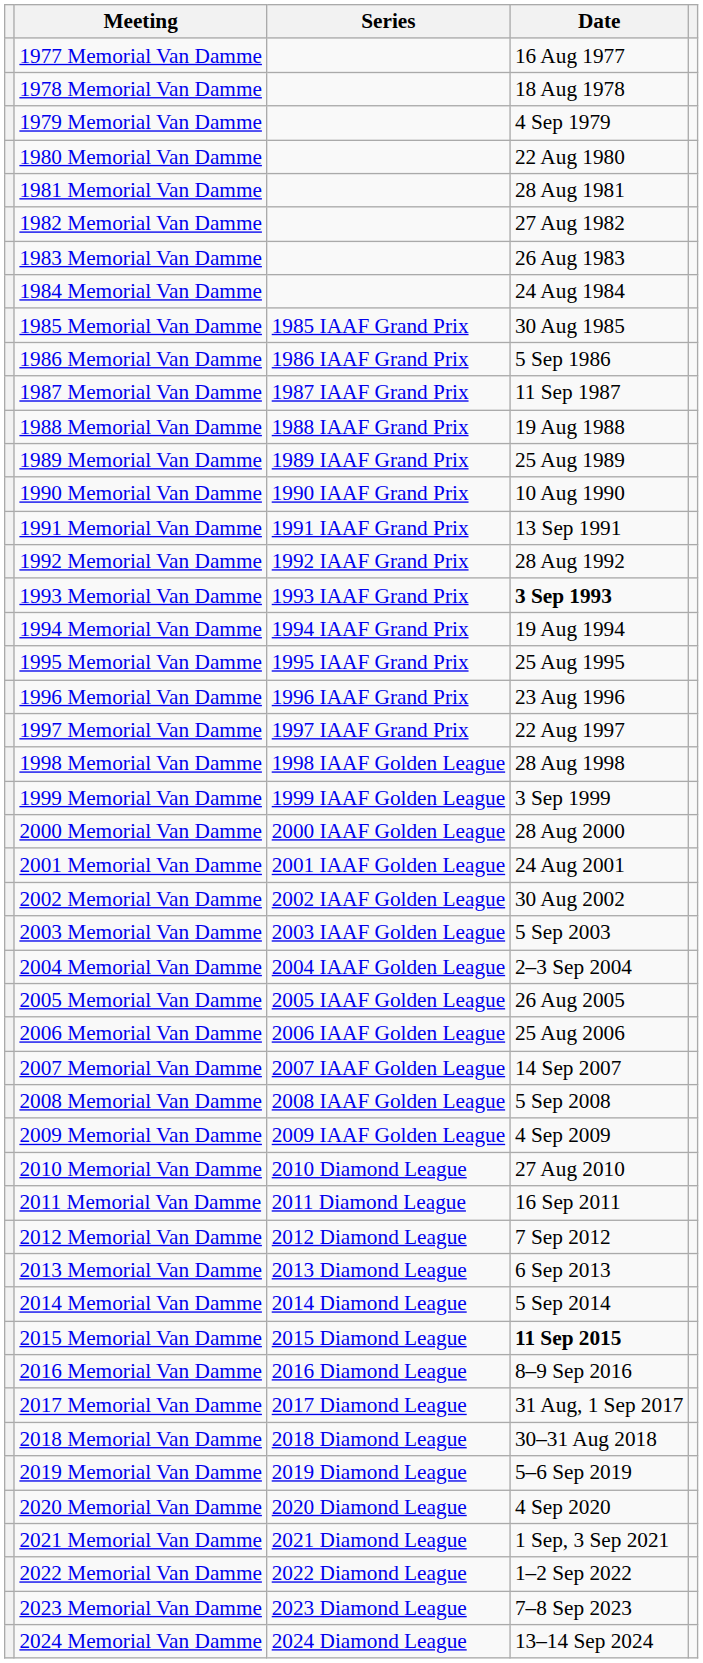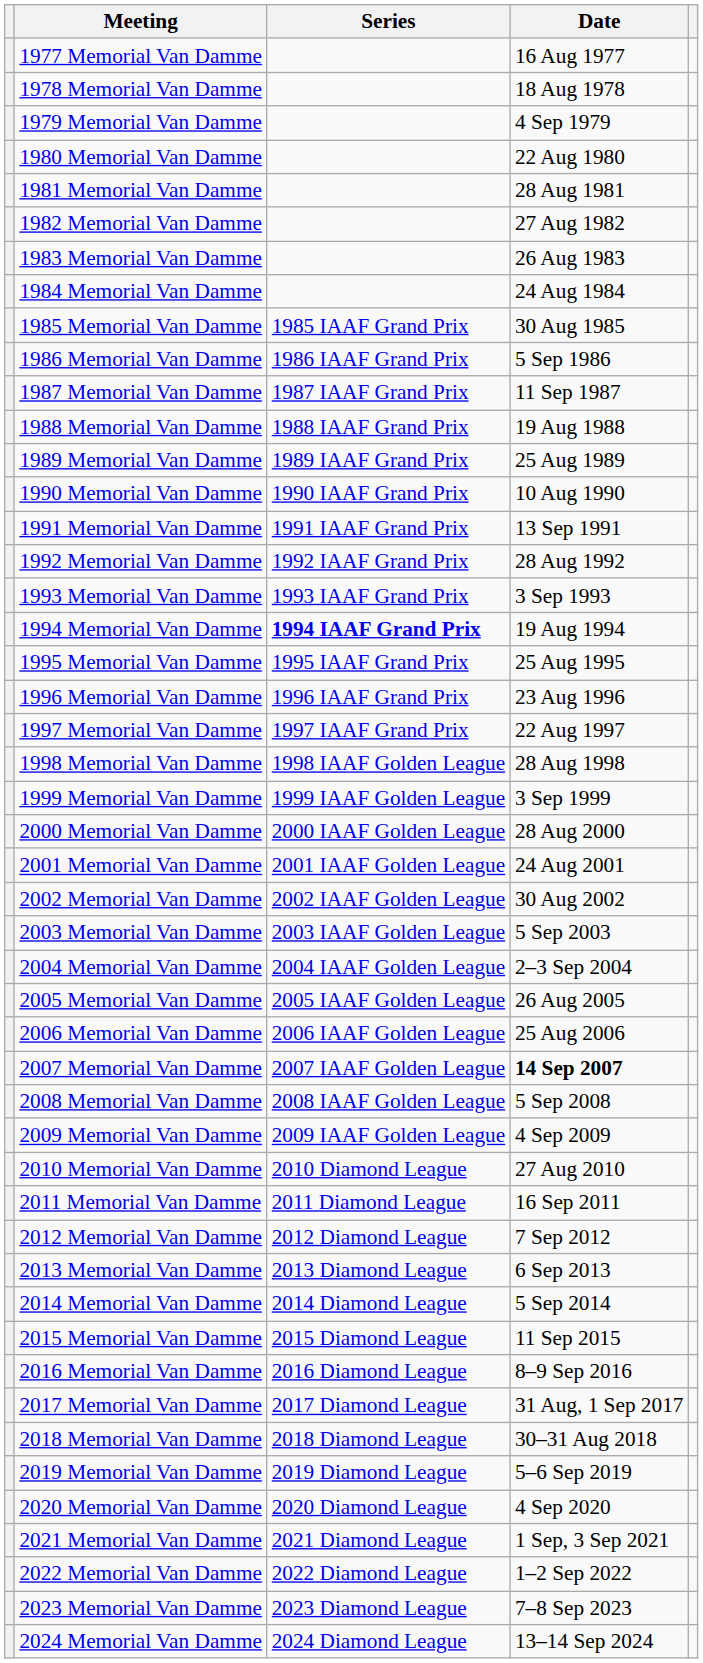 <table class="wikitable plainrowheaders sticky-header defaultleft col4right">
 <tr>
 <th scope="col"></th>
 <th scope="col">Meeting</th>
 <th scope="col">Series</th>
 <th scope="col">Date</th>
 <th scope="col"></th>
 </tr>
 <tr>
 <th scope="row"></th>
 <td><a href='#'>1977 Memorial Van Damme</a></td>
 <td></td>
 <td>16 Aug 1977</td>
 <td></td>
 </tr>
 <tr>
 <th scope="row"></th>
 <td><a href='#'>1978 Memorial Van Damme</a></td>
 <td></td>
 <td>18 Aug 1978</td>
 <td></td>
 </tr>
 <tr>
 <th scope="row"></th>
 <td><a href='#'>1979 Memorial Van Damme</a></td>
 <td></td>
 <td>4 Sep 1979</td>
 <td></td>
 </tr>
 <tr>
 <th scope="row"></th>
 <td><a href='#'>1980 Memorial Van Damme</a></td>
 <td></td>
 <td>22 Aug 1980</td>
 <td></td>
 </tr>
 <tr>
 <th scope="row"></th>
 <td><a href='#'>1981 Memorial Van Damme</a></td>
 <td></td>
 <td>28 Aug 1981</td>
 <td></td>
 </tr>
 <tr>
 <th scope="row"></th>
 <td><a href='#'>1982 Memorial Van Damme</a></td>
 <td></td>
 <td>27 Aug 1982</td>
 <td></td>
 </tr>
 <tr>
 <th scope="row"></th>
 <td><a href='#'>1983 Memorial Van Damme</a></td>
 <td></td>
 <td>26 Aug 1983</td>
 <td></td>
 </tr>
 <tr>
 <th scope="row"></th>
 <td><a href='#'>1984 Memorial Van Damme</a></td>
 <td></td>
 <td>24 Aug 1984</td>
 <td></td>
 </tr>
 <tr>
 <th scope="row"></th>
 <td><a href='#'>1985 Memorial Van Damme</a></td>
 <td><a href='#'>1985 IAAF Grand Prix</a></td>
 <td>30 Aug 1985</td>
 <td></td>
 </tr>
 <tr>
 <th scope="row"></th>
 <td><a href='#'>1986 Memorial Van Damme</a></td>
 <td><a href='#'>1986 IAAF Grand Prix</a></td>
 <td>5 Sep 1986</td>
 <td></td>
 </tr>
 <tr>
 <th scope="row"></th>
 <td><a href='#'>1987 Memorial Van Damme</a></td>
 <td><a href='#'>1987 IAAF Grand Prix</a></td>
 <td>11 Sep 1987</td>
 <td></td>
 </tr>
 <tr>
 <th scope="row"></th>
 <td><a href='#'>1988 Memorial Van Damme</a></td>
 <td><a href='#'>1988 IAAF Grand Prix</a></td>
 <td>19 Aug 1988</td>
 <td></td>
 </tr>
 <tr>
 <th scope="row"></th>
 <td><a href='#'>1989 Memorial Van Damme</a></td>
 <td><a href='#'>1989 IAAF Grand Prix</a></td>
 <td>25 Aug 1989</td>
 <td></td>
 </tr>
 <tr>
 <th scope="row"></th>
 <td><a href='#'>1990 Memorial Van Damme</a></td>
 <td><a href='#'>1990 IAAF Grand Prix</a></td>
 <td>10 Aug 1990</td>
 <td></td>
 </tr>
 <tr>
 <th scope="row"></th>
 <td><a href='#'>1991 Memorial Van Damme</a></td>
 <td><a href='#'>1991 IAAF Grand Prix</a></td>
 <td>13 Sep 1991</td>
 <td></td>
 </tr>
 <tr>
 <th scope="row"></th>
 <td><a href='#'>1992 Memorial Van Damme</a></td>
 <td><a href='#'>1992 IAAF Grand Prix</a></td>
 <td>28 Aug 1992</td>
 <td></td>
 </tr>
 <tr>
 <th scope="row"></th>
 <td><a href='#'>1993 Memorial Van Damme</a></td>
 <td><a href='#'>1993 IAAF Grand Prix</a></td>
-<td><strong>3 Sep 1993</strong></td>
+<td>3 Sep 1993</td>
 <td></td>
 </tr>
 <tr>
 <th scope="row"></th>
 <td><a href='#'>1994 Memorial Van Damme</a></td>
-<td><a href='#'>1994 IAAF Grand Prix</a></td>
+<td><strong><a href='#'>1994 IAAF Grand Prix</a></strong></td>
 <td>19 Aug 1994</td>
 <td></td>
 </tr>
 <tr>
 <th scope="row"></th>
 <td><a href='#'>1995 Memorial Van Damme</a></td>
 <td><a href='#'>1995 IAAF Grand Prix</a></td>
 <td>25 Aug 1995</td>
 <td></td>
 </tr>
 <tr>
 <th scope="row"></th>
 <td><a href='#'>1996 Memorial Van Damme</a></td>
 <td><a href='#'>1996 IAAF Grand Prix</a></td>
 <td>23 Aug 1996</td>
 <td></td>
 </tr>
 <tr>
 <th scope="row"></th>
 <td><a href='#'>1997 Memorial Van Damme</a></td>
 <td><a href='#'>1997 IAAF Grand Prix</a></td>
 <td>22 Aug 1997</td>
 <td></td>
 </tr>
 <tr>
 <th scope="row"></th>
 <td><a href='#'>1998 Memorial Van Damme</a></td>
 <td><a href='#'>1998 IAAF Golden League</a></td>
 <td>28 Aug 1998</td>
 <td></td>
 </tr>
 <tr>
 <th scope="row"></th>
 <td><a href='#'>1999 Memorial Van Damme</a></td>
 <td><a href='#'>1999 IAAF Golden League</a></td>
 <td>3 Sep 1999</td>
 <td></td>
 </tr>
 <tr>
 <th scope="row"></th>
 <td><a href='#'>2000 Memorial Van Damme</a></td>
 <td><a href='#'>2000 IAAF Golden League</a></td>
 <td>28 Aug 2000</td>
 <td></td>
 </tr>
 <tr>
 <th scope="row"></th>
 <td><a href='#'>2001 Memorial Van Damme</a></td>
 <td><a href='#'>2001 IAAF Golden League</a></td>
 <td>24 Aug 2001</td>
 <td></td>
 </tr>
 <tr>
 <th scope="row"></th>
 <td><a href='#'>2002 Memorial Van Damme</a></td>
 <td><a href='#'>2002 IAAF Golden League</a></td>
 <td>30 Aug 2002</td>
 <td></td>
 </tr>
 <tr>
 <th scope="row"></th>
 <td><a href='#'>2003 Memorial Van Damme</a></td>
 <td><a href='#'>2003 IAAF Golden League</a></td>
 <td>5 Sep 2003</td>
 <td></td>
 </tr>
 <tr>
 <th scope="row"></th>
 <td><a href='#'>2004 Memorial Van Damme</a></td>
 <td><a href='#'>2004 IAAF Golden League</a></td>
 <td>2–3 Sep 2004</td>
 <td></td>
 </tr>
 <tr>
 <th scope="row"></th>
 <td><a href='#'>2005 Memorial Van Damme</a></td>
 <td><a href='#'>2005 IAAF Golden League</a></td>
 <td>26 Aug 2005</td>
 <td></td>
 </tr>
 <tr>
 <th scope="row"></th>
 <td><a href='#'>2006 Memorial Van Damme</a></td>
 <td><a href='#'>2006 IAAF Golden League</a></td>
 <td>25 Aug 2006</td>
 <td></td>
 </tr>
 <tr>
 <th scope="row"></th>
 <td><a href='#'>2007 Memorial Van Damme</a></td>
 <td><a href='#'>2007 IAAF Golden League</a></td>
-<td>14 Sep 2007</td>
+<td><strong>14 Sep 2007</strong></td>
 <td></td>
 </tr>
 <tr>
 <th scope="row"></th>
 <td><a href='#'>2008 Memorial Van Damme</a></td>
 <td><a href='#'>2008 IAAF Golden League</a></td>
 <td>5 Sep 2008</td>
 <td></td>
 </tr>
 <tr>
 <th scope="row"></th>
 <td><a href='#'>2009 Memorial Van Damme</a></td>
 <td><a href='#'>2009 IAAF Golden League</a></td>
 <td>4 Sep 2009</td>
 <td></td>
 </tr>
 <tr>
 <th scope="row"></th>
 <td><a href='#'>2010 Memorial Van Damme</a></td>
 <td><a href='#'>2010 Diamond League</a></td>
 <td>27 Aug 2010</td>
 <td></td>
 </tr>
 <tr>
 <th scope="row"></th>
 <td><a href='#'>2011 Memorial Van Damme</a></td>
 <td><a href='#'>2011 Diamond League</a></td>
 <td>16 Sep 2011</td>
 <td></td>
 </tr>
 <tr>
 <th scope="row"></th>
 <td><a href='#'>2012 Memorial Van Damme</a></td>
 <td><a href='#'>2012 Diamond League</a></td>
 <td>7 Sep 2012</td>
 <td></td>
 </tr>
 <tr>
 <th scope="row"></th>
 <td><a href='#'>2013 Memorial Van Damme</a></td>
 <td><a href='#'>2013 Diamond League</a></td>
 <td>6 Sep 2013</td>
 <td></td>
 </tr>
 <tr>
 <th scope="row"></th>
 <td><a href='#'>2014 Memorial Van Damme</a></td>
 <td><a href='#'>2014 Diamond League</a></td>
 <td>5 Sep 2014</td>
 <td></td>
 </tr>
 <tr>
 <th scope="row"></th>
 <td><a href='#'>2015 Memorial Van Damme</a></td>
 <td><a href='#'>2015 Diamond League</a></td>
-<td><strong>11 Sep 2015</strong></td>
+<td>11 Sep 2015</td>
 <td></td>
 </tr>
 <tr>
 <th scope="row"></th>
 <td><a href='#'>2016 Memorial Van Damme</a></td>
 <td><a href='#'>2016 Diamond League</a></td>
 <td>8–9 Sep 2016</td>
 <td></td>
 </tr>
 <tr>
 <th scope="row"></th>
 <td><a href='#'>2017 Memorial Van Damme</a></td>
 <td><a href='#'>2017 Diamond League</a></td>
 <td>31 Aug, 1 Sep 2017</td>
 <td></td>
 </tr>
 <tr>
 <th scope="row"></th>
 <td><a href='#'>2018 Memorial Van Damme</a></td>
 <td><a href='#'>2018 Diamond League</a></td>
 <td>30–31 Aug 2018</td>
 <td></td>
 </tr>
 <tr>
 <th scope="row"></th>
 <td><a href='#'>2019 Memorial Van Damme</a></td>
 <td><a href='#'>2019 Diamond League</a></td>
 <td>5–6 Sep 2019</td>
 <td></td>
 </tr>
 <tr>
 <th scope="row"></th>
 <td><a href='#'>2020 Memorial Van Damme</a></td>
 <td><a href='#'>2020 Diamond League</a></td>
 <td>4 Sep 2020</td>
 <td></td>
 </tr>
 <tr>
 <th scope="row"></th>
 <td><a href='#'>2021 Memorial Van Damme</a></td>
 <td><a href='#'>2021 Diamond League</a></td>
 <td>1 Sep, 3 Sep 2021</td>
 <td></td>
 </tr>
 <tr>
 <th scope="row"></th>
 <td><a href='#'>2022 Memorial Van Damme</a></td>
 <td><a href='#'>2022 Diamond League</a></td>
 <td>1–2 Sep 2022</td>
 <td></td>
 </tr>
 <tr>
 <th scope="row"></th>
 <td><a href='#'>2023 Memorial Van Damme</a></td>
 <td><a href='#'>2023 Diamond League</a></td>
 <td>7–8 Sep 2023</td>
 <td></td>
 </tr>
 <tr>
 <th scope="row"></th>
 <td><a href='#'>2024 Memorial Van Damme</a></td>
 <td><a href='#'>2024 Diamond League</a></td>
 <td>13–14 Sep 2024</td>
 <td></td>
 </tr>
 </table>
